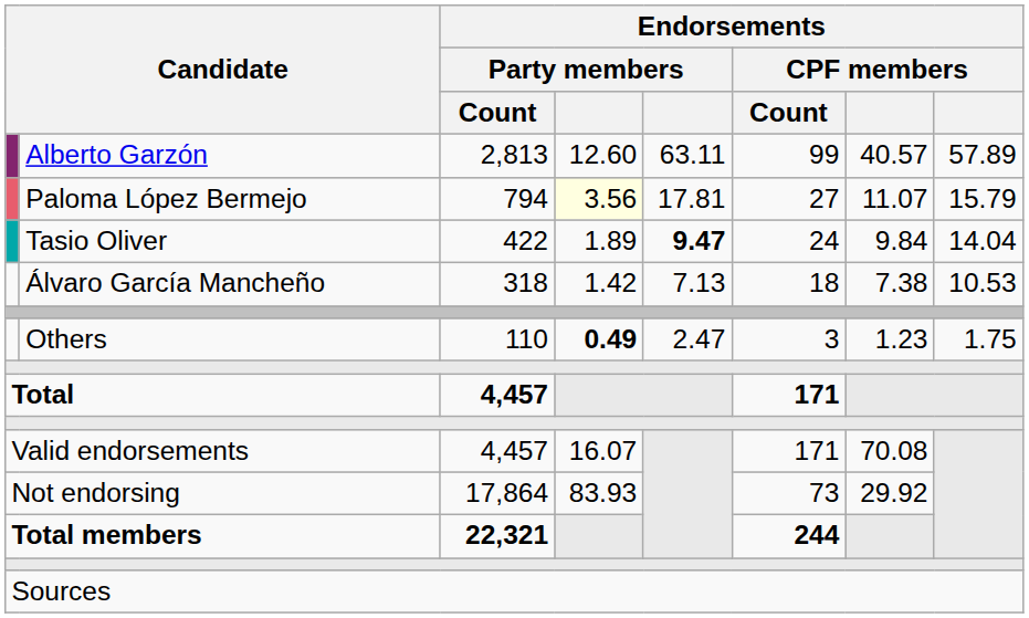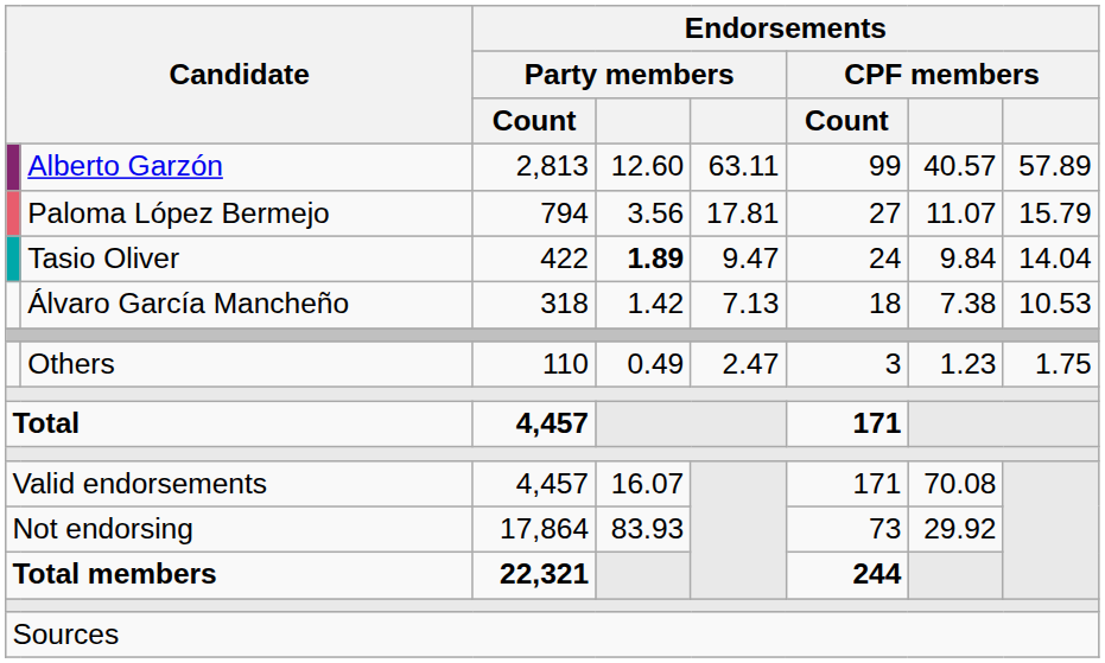 <table class="wikitable" style="text-align:right;">
 <tr>
 <th colspan="2" rowspan="3" width="250">Candidate</th>
 <th colspan="6">Endorsements</th>
 </tr>
 <tr>
 <th colspan="3">Party members</th>
 <th colspan="3">CPF members</th>
 </tr>
 <tr>
 <th width="60">Count</th>
 <th width="45"></th>
 <th width="45"></th>
 <th width="60">Count</th>
 <th width="45"></th>
 <th width="45"></th>
 </tr>
 <tr>
 <td width="1" style="color:inherit;background:#83246E"></td>
 <td align="left"><a href='#'>Alberto Garzón</a></td>
 <td>2,813</td>
 <td>12.60</td>
 <td>63.11</td>
 <td>99</td>
 <td>40.57</td>
 <td>57.89</td>
 </tr>
 <tr>
 <td style="color:inherit;background:#E85D6D"></td>
 <td align="left">Paloma López Bermejo</td>
 <td>794</td>
-<td style="background: lightyellow;">3.56</td>
+<td>3.56</td>
 <td>17.81</td>
 <td>27</td>
 <td>11.07</td>
 <td>15.79</td>
 </tr>
 <tr>
 <td width="1" style="color:inherit;background:#00A8A9"></td>
 <td align="left">Tasio Oliver</td>
 <td>422</td>
-<td>1.89</td>
-<td><strong>9.47</strong></td>
+<td><strong>1.89</strong></td>
+<td>9.47</td>
 <td>24</td>
 <td>9.84</td>
 <td>14.04</td>
 </tr>
 <tr>
 <td style="color:inherit;background:"></td>
 <td align="left">Álvaro García Mancheño</td>
 <td>318</td>
 <td>1.42</td>
 <td>7.13</td>
 <td>18</td>
 <td>7.38</td>
 <td>10.53</td>
 </tr>
 <tr>
 <td colspan="8" bgcolor="#C0C0C0"></td>
 </tr>
 <tr>
 <td style="color:inherit;background:"></td>
 <td align="left">Others</td>
 <td>110</td>
-<td><strong>0.49</strong></td>
+<td>0.49</td>
 <td>2.47</td>
 <td>3</td>
 <td>1.23</td>
 <td>1.75</td>
 </tr>
 <tr>
 <td colspan="8" bgcolor="#E9E9E9"></td>
 </tr>
 <tr style="font-weight:bold;">
 <td colspan="2" align="left">Total</td>
 <td>4,457</td>
 <td colspan="2" bgcolor="#E9E9E9"></td>
 <td>171</td>
 <td colspan="2" bgcolor="#E9E9E9"></td>
 </tr>
 <tr>
 <td colspan="8" bgcolor="#E9E9E9"></td>
 </tr>
 <tr>
 <td colspan="2" align="left">Valid endorsements</td>
 <td>4,457</td>
 <td>16.07</td>
 <td rowspan="3" bgcolor="#E9E9E9"></td>
 <td>171</td>
 <td>70.08</td>
 <td rowspan="3" bgcolor="#E9E9E9"></td>
 </tr>
 <tr>
 <td colspan="2" align="left">Not endorsing</td>
 <td>17,864</td>
 <td>83.93</td>
 <td>73</td>
 <td>29.92</td>
 </tr>
 <tr>
 <td colspan="2" align="left"><strong>Total members</strong></td>
 <td><strong>22,321</strong></td>
 <td bgcolor="#E9E9E9"></td>
 <td><strong>244</strong></td>
 <td bgcolor="#E9E9E9"></td>
 </tr>
 <tr>
 <td colspan="8" bgcolor="#E9E9E9"></td>
 </tr>
 <tr>
 <td colspan="8" align="left">Sources</td>
 </tr>
 </table>
